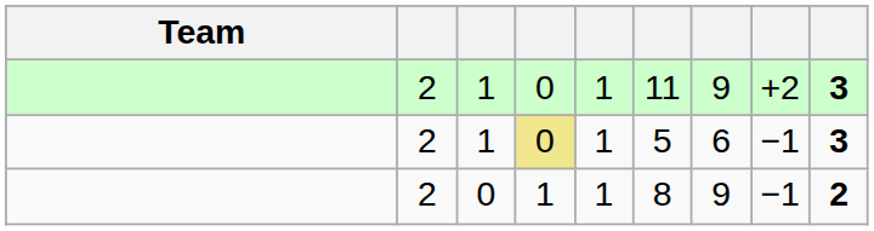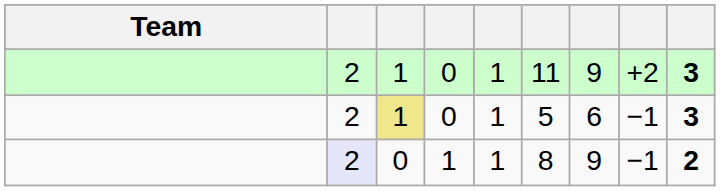 <table class="wikitable" style="text-align: center;">
 <tr>
 <th width="175">Team</th>
 <th width="20"></th>
 <th width="20"></th>
 <th width="20"></th>
 <th width="20"></th>
 <th width="20"></th>
 <th width="20"></th>
 <th width="20"></th>
 <th width="20"></th>
 </tr>
 <tr style="background-color: #ccffcc;">
 <td align=left></td>
 <td>2</td>
 <td>1</td>
 <td>0</td>
 <td>1</td>
 <td>11</td>
 <td>9</td>
 <td>+2</td>
 <td><strong>3</strong></td>
 </tr>
 <tr>
 <td align=left></td>
 <td>2</td>
-<td>1</td>
-<td style="background: khaki;">0</td>
+<td style="background: khaki;">1</td>
+<td>0</td>
 <td>1</td>
 <td>5</td>
 <td>6</td>
 <td>−1</td>
 <td><strong>3</strong></td>
 </tr>
 <tr>
 <td align=left></td>
-<td>2</td>
+<td style="background: lavender;">2</td>
 <td>0</td>
 <td>1</td>
 <td>1</td>
 <td>8</td>
 <td>9</td>
 <td>−1</td>
 <td><strong>2</strong></td>
 </tr>
 </table>
